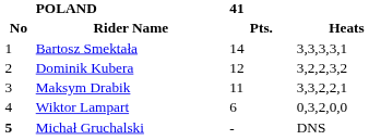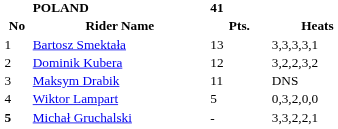 <table class="toccolours">
 <tr>
 <td></td>
 <td><strong>POLAND</strong></td>
 <td><strong>41</strong></td>
 </tr>
 <tr style="background-color:">
 <th width=30px>No</th>
 <th width=210px>Rider Name</th>
 <th width=70px>Pts.</th>
 <th width=110px>Heats</th>
 </tr>
 <tr style="background-color:">
 <td>1</td>
 <td><a href='#'>Bartosz Smektała</a></td>
-<td>14</td>
+<td>13</td>
 <td>3,3,3,3,1</td>
 </tr>
 <tr style="background-color:">
 <td>2</td>
 <td><a href='#'>Dominik Kubera</a></td>
 <td>12</td>
 <td>3,2,2,3,2</td>
 </tr>
 <tr style="background-color:">
 <td>3</td>
 <td><a href='#'>Maksym Drabik</a></td>
 <td>11</td>
-<td>3,3,2,2,1</td>
+<td>DNS</td>
 </tr>
 <tr style="background-color:">
 <td>4</td>
 <td><a href='#'>Wiktor Lampart</a></td>
-<td>6</td>
+<td>5</td>
 <td>0,3,2,0,0</td>
 </tr>
 <tr style="background-color:">
 <td><strong>5</strong></td>
 <td><a href='#'>Michał Gruchalski</a></td>
 <td>-</td>
-<td>DNS</td>
+<td>3,3,2,2,1</td>
 </tr>
 </table>
